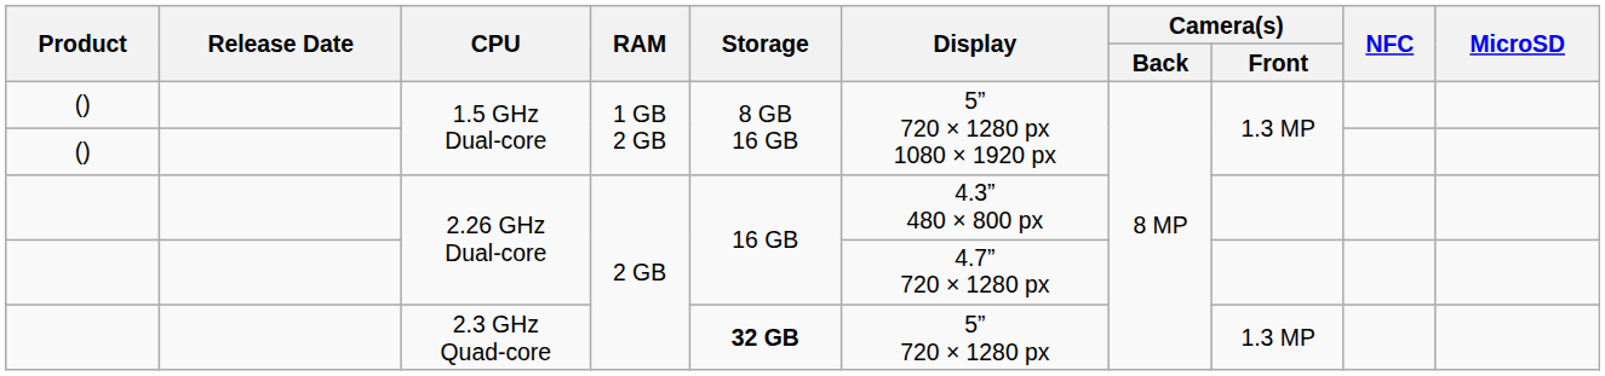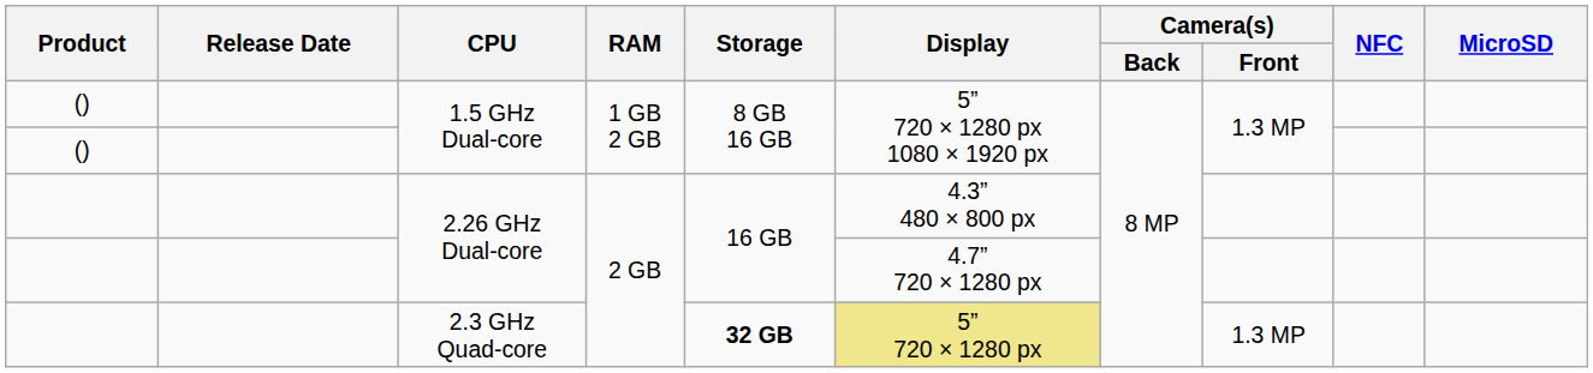 <table class="wikitable sortable" style="font-size: small; text-align: center; width: 100%;">
 <tr>
 <th rowspan="2">Product</th>
 <th rowspan="2">Release Date</th>
 <th rowspan="2">CPU</th>
 <th rowspan="2">RAM</th>
 <th rowspan="2">Storage</th>
 <th rowspan="2">Display</th>
 <th colspan="2">Camera(s)</th>
 <th rowspan="2"><a href='#'>NFC</a></th>
 <th rowspan="2"><a href='#'>MicroSD</a></th>
 </tr>
 <tr>
 <th>Back</th>
 <th>Front</th>
 </tr>
 <tr>
 <td> ()</td>
 <td></td>
 <td rowspan="2">1.5 GHz<br>Dual-core</td>
 <td rowspan="2">1 GB<br>2 GB</td>
 <td rowspan="2">8 GB<br>16 GB</td>
 <td rowspan="2">5”<br>720 × 1280 px<br>1080 × 1920 px</td>
 <td rowspan="5">8 MP</td>
 <td rowspan="2">1.3 MP</td>
 <td></td>
 <td></td>
 </tr>
 <tr>
 <td> ()</td>
 <td></td>
 <td></td>
 <td></td>
 </tr>
 <tr>
 <td></td>
 <td></td>
 <td rowspan="2">2.26 GHz<br>Dual-core</td>
 <td rowspan="3">2 GB</td>
 <td rowspan="2">16 GB</td>
 <td>4.3”<br>480 × 800 px</td>
 <td></td>
 <td></td>
 <td></td>
 </tr>
 <tr>
 <td></td>
 <td></td>
 <td>4.7”<br>720 × 1280 px</td>
 <td></td>
 <td></td>
 <td></td>
 </tr>
 <tr>
 <td></td>
 <td></td>
 <td>2.3 GHz<br>Quad-core</td>
 <td><strong>32 GB</strong></td>
-<td>5”<br>720 × 1280 px</td>
+<td style="background: khaki;">5”<br>720 × 1280 px</td>
 <td>1.3 MP</td>
 <td></td>
 <td></td>
 </tr>
 </table>
